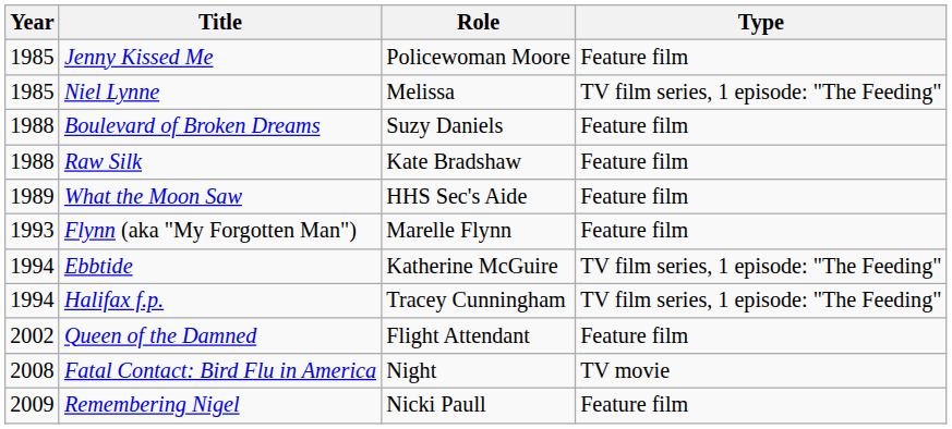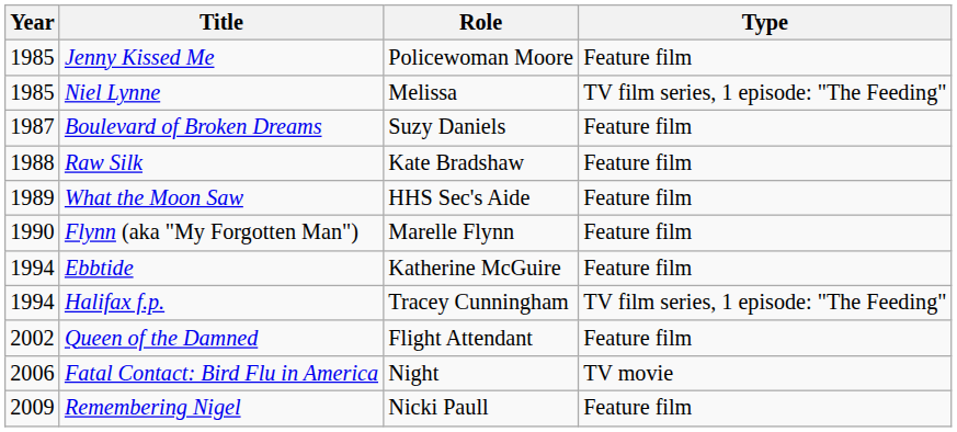 <table class="wikitable">
 <tr>
 <th>Year</th>
 <th>Title</th>
 <th>Role</th>
 <th>Type</th>
 </tr>
 <tr>
 <td>1985</td>
 <td><em><a href='#'>Jenny Kissed Me</a></em></td>
 <td>Policewoman Moore</td>
 <td>Feature film</td>
 </tr>
 <tr>
 <td>1985</td>
 <td><em><a href='#'>Niel Lynne</a></em></td>
 <td>Melissa</td>
 <td>TV film series, 1 episode: "The Feeding"</td>
 </tr>
 <tr>
-<td>1988</td>
+<td>1987</td>
 <td><em><a href='#'>Boulevard of Broken Dreams</a></em></td>
 <td>Suzy Daniels</td>
 <td>Feature film</td>
 </tr>
 <tr>
 <td>1988</td>
 <td><em><a href='#'>Raw Silk</a></em></td>
 <td>Kate Bradshaw</td>
 <td>Feature film</td>
 </tr>
 <tr>
 <td>1989</td>
 <td><em><a href='#'>What the Moon Saw</a></em></td>
 <td>HHS Sec's Aide</td>
 <td>Feature film</td>
 </tr>
 <tr>
-<td>1993</td>
+<td>1990</td>
 <td><em><a href='#'>Flynn</a></em> (aka "My Forgotten Man")</td>
 <td>Marelle Flynn</td>
 <td>Feature film</td>
 </tr>
 <tr>
 <td>1994</td>
 <td><em><a href='#'>Ebbtide</a></em></td>
 <td>Katherine McGuire</td>
-<td>TV film series, 1 episode: "The Feeding"</td>
+<td>Feature film</td>
 </tr>
 <tr>
 <td>1994</td>
 <td><em><a href='#'>Halifax f.p.</a></em></td>
 <td>Tracey Cunningham</td>
 <td>TV film series, 1 episode: "The Feeding"</td>
 </tr>
 <tr>
 <td>2002</td>
 <td><em><a href='#'>Queen of the Damned</a></em></td>
 <td>Flight Attendant</td>
 <td>Feature film</td>
 </tr>
 <tr>
-<td>2008</td>
+<td>2006</td>
 <td><em><a href='#'>Fatal Contact: Bird Flu in America</a></em></td>
 <td>Night</td>
 <td>TV movie</td>
 </tr>
 <tr>
 <td>2009</td>
 <td><em><a href='#'>Remembering Nigel</a></em></td>
 <td>Nicki Paull</td>
 <td>Feature film</td>
 </tr>
 </table>
